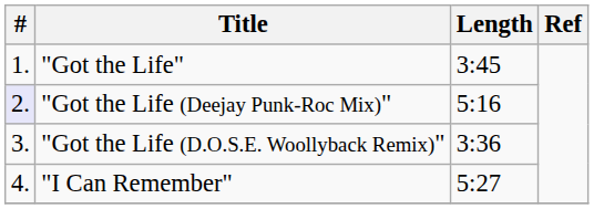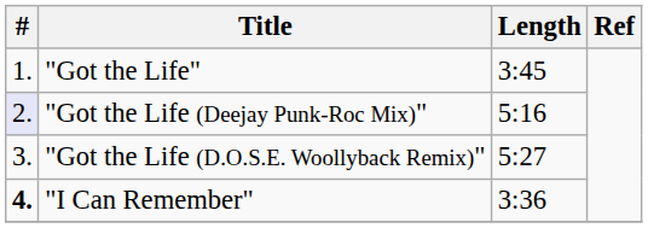 <table class="wikitable">
 <tr>
 <th>#</th>
 <th>Title</th>
 <th>Length</th>
 <th>Ref</th>
 </tr>
 <tr>
 <td>1.</td>
 <td>"Got the Life"</td>
 <td>3:45</td>
 <td rowspan="4"></td>
 </tr>
 <tr>
 <td style="background: lavender;">2.</td>
 <td>"Got the Life <small>(Deejay Punk-Roc Mix)</small>"</td>
 <td>5:16</td>
 </tr>
 <tr>
 <td>3.</td>
 <td>"Got the Life <small>(D.O.S.E. Woollyback Remix)</small>"</td>
-<td>3:36</td>
+<td>5:27</td>
 </tr>
 <tr>
-<td>4.</td>
+<td><strong>4.</strong></td>
 <td>"I Can Remember"</td>
-<td>5:27</td>
+<td>3:36</td>
 </tr>
 <tr>
 </tr>
 </table>
